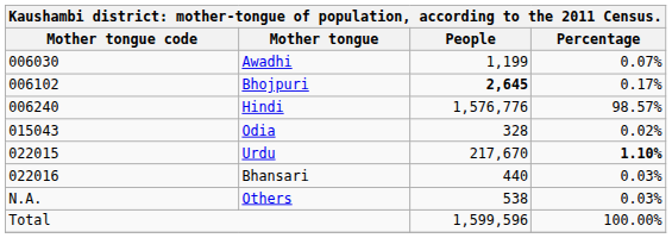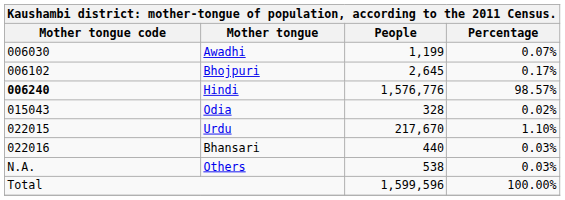 <table class="wikitable sortable mw-collapsible ">
 <tr style="vertical-align:top;">
 <th colspan=4>Kaushambi district: mother-tongue of population, according to the 2011 Census.</th>
 </tr>
 <tr style="vertical-align:top;">
 <th>Mother tongue code</th>
 <th>Mother tongue</th>
 <th>People</th>
 <th>Percentage</th>
 </tr>
 <tr valign-top>
 <td>006030</td>
 <td><a href='#'>Awadhi</a></td>
 <td style="text-align:right;">1,199</td>
 <td style="text-align:right;">0.07%</td>
 </tr>
 <tr valign-top>
 <td>006102</td>
 <td><a href='#'>Bhojpuri</a></td>
-<td style="text-align:right;"><strong>2,645</strong></td>
+<td style="text-align:right;">2,645</td>
 <td style="text-align:right;">0.17%</td>
 </tr>
 <tr valign-top>
-<td>006240</td>
+<td><strong>006240</strong></td>
 <td><a href='#'>Hindi</a></td>
 <td style="text-align:right;">1,576,776</td>
 <td style="text-align:right;">98.57%</td>
 </tr>
 <tr valign-top>
 <td>015043</td>
 <td><a href='#'>Odia</a></td>
 <td style="text-align:right;">328</td>
 <td style="text-align:right;">0.02%</td>
 </tr>
 <tr valign-top>
 <td>022015</td>
 <td><a href='#'>Urdu</a></td>
 <td style="text-align:right;">217,670</td>
-<td style="text-align:right;"><strong>1.10%</strong></td>
+<td style="text-align:right;">1.10%</td>
 </tr>
 <tr valign-top>
 <td>022016</td>
 <td>Bhansari</td>
 <td style="text-align:right;">440</td>
 <td style="text-align:right;">0.03%</td>
 </tr>
 <tr valign-top>
 <td>N.A.</td>
 <td><a href='#'>Others</a></td>
 <td style="text-align:right;">538</td>
 <td style="text-align:right;">0.03%</td>
 </tr>
 <tr valign=top class="sortbottom">
 <td colspan=2>Total</td>
 <td style="text-align:right;">1,599,596</td>
 <td style="text-align:right;">100.00%</td>
 </tr>
 <tr>
 </tr>
 </table>
